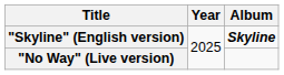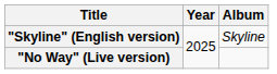 <table class="wikitable plainrowheaders" style="text-align:center">
 <tr>
 <th scope="col">Title</th>
 <th scope="col">Year</th>
 <th scope="col">Album</th>
 </tr>
 <tr>
 <th scope="row">"Skyline" (English version)</th>
 <td rowspan="2">2025</td>
-<td><strong><em>Skyline</em></strong></td>
+<td><em>Skyline</em></td>
 </tr>
 <tr>
 <th scope="row">"No Way" (Live version)</th>
 <td></td>
 </tr>
 </table>
